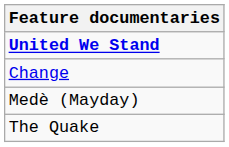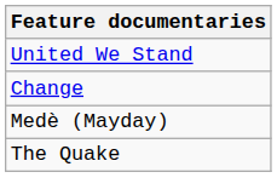 <table class="wikitable">
 <tr>
 <th><strong>Feature documentaries</strong></th>
 </tr>
 <tr>
-<td><strong><a href='#'>United We Stand</a></strong></td>
+<td><a href='#'>United We Stand</a></td>
 </tr>
 <tr>
 <td><a href='#'>Change</a></td>
 </tr>
 <tr>
 <td>Medè (Mayday)</td>
 </tr>
 <tr>
 <td>The Quake</td>
 </tr>
 </table>
